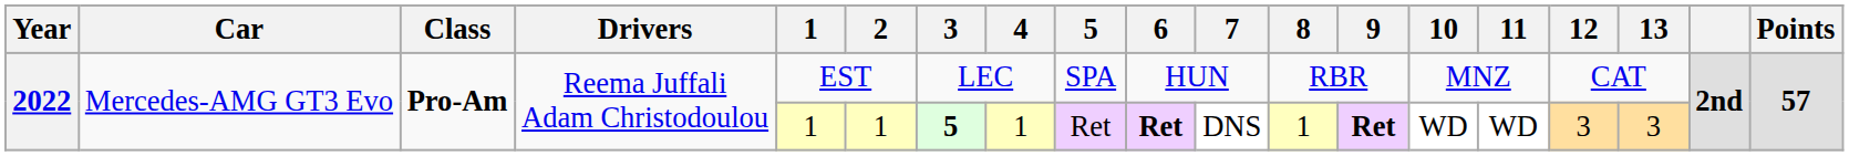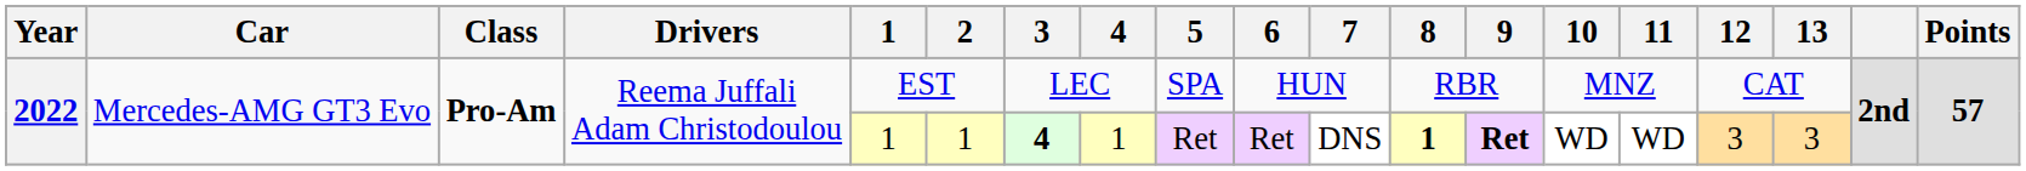 <table class="wikitable" style="font-size: 85%; text-align:center;">
 <tr valign="top">
 <th valign="middle">Year</th>
 <th valign="middle">Car</th>
 <th valign="middle">Class</th>
 <th valign="middle">Drivers</th>
 <th style="width:26px;">1</th>
 <th style="width:26px;">2</th>
 <th style="width:26px;">3</th>
 <th style="width:26px;">4</th>
 <th style="width:26px;">5</th>
 <th style="width:26px;">6</th>
 <th style="width:26px;">7</th>
 <th style="width:26px;">8</th>
 <th style="width:26px;">9</th>
 <th style="width:26px;">10</th>
 <th style="width:26px;">11</th>
 <th style="width:26px;">12</th>
 <th style="width:26px;">13</th>
 <th></th>
 <th valign="middle">Points</th>
 </tr>
 <tr>
 <th rowspan="2"><a href='#'>2022</a></th>
 <td rowspan="2"><a href='#'>Mercedes-AMG GT3 Evo</a></td>
 <td rowspan="2"><strong>Pro-Am</strong></td>
 <td rowspan="2"> <a href='#'>Reema Juffali</a><br> <a href='#'>Adam Christodoulou</a></td>
 <td colspan=2><a href='#'>EST</a></td>
 <td colspan=2><a href='#'>LEC</a></td>
 <td colspan=1><a href='#'>SPA</a></td>
 <td colspan=2><a href='#'>HUN</a></td>
 <td colspan=2><a href='#'>RBR</a></td>
 <td colspan=2><a href='#'>MNZ</a></td>
 <td colspan=2><a href='#'>CAT</a></td>
 <th rowspan="2" style="background:#DFDFDF;">2nd</th>
 <th rowspan="2" style="background:#DFDFDF;">57</th>
 </tr>
 <tr>
 <td style="background:#ffffbf;">1</td>
 <td style="background:#ffffbf;">1</td>
-<td style="background:#dfffdf;"><strong>5</strong></td>
+<td style="background:#dfffdf;"><strong>4</strong></td>
 <td style="background:#ffffbf;">1</td>
 <td style="background:#efcfff;">Ret</td>
-<td style="background:#efcfff;"><strong>Ret</strong></td>
+<td style="background:#efcfff;">Ret</td>
 <td style="background:#ffffff;">DNS</td>
-<td style="background:#ffffbf;">1</td>
+<td style="background:#ffffbf;"><strong>1</strong></td>
 <td style="background:#efcfff;"><strong>Ret</strong></td>
 <td style="background:#ffffff;">WD</td>
 <td style="background:#ffffff;">WD</td>
 <td style="background:#FFDF9F;">3</td>
 <td style="background:#FFDF9F;">3</td>
 </tr>
 </table>
